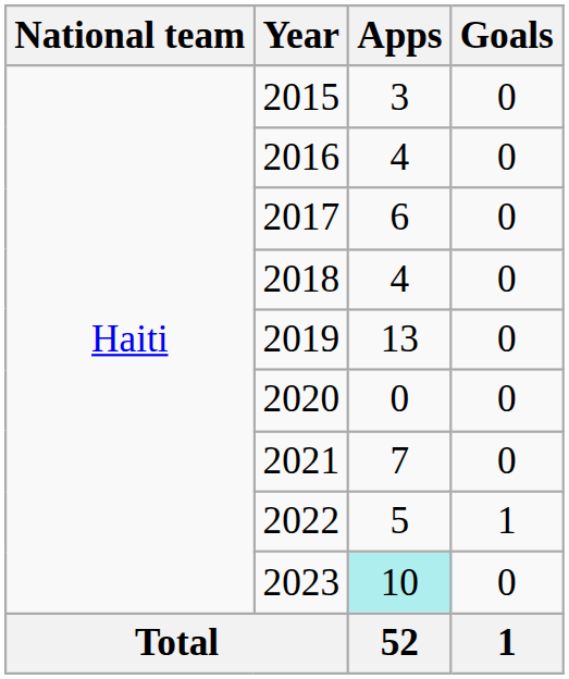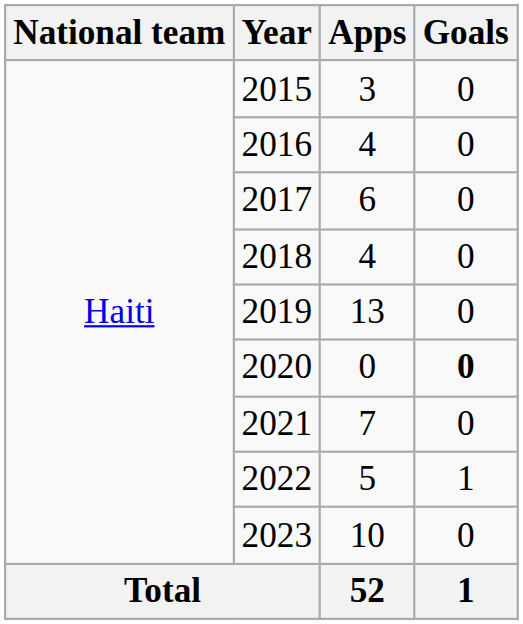 <table class="wikitable" style="text-align:center">
 <tr>
 <th>National team</th>
 <th>Year</th>
 <th>Apps</th>
 <th>Goals</th>
 </tr>
 <tr>
 <td rowspan="9"><a href='#'>Haiti</a></td>
 <td>2015</td>
 <td>3</td>
 <td>0</td>
 </tr>
 <tr>
 <td>2016</td>
 <td>4</td>
 <td>0</td>
 </tr>
 <tr>
 <td>2017</td>
 <td>6</td>
 <td>0</td>
 </tr>
 <tr>
 <td>2018</td>
 <td>4</td>
 <td>0</td>
 </tr>
 <tr>
 <td>2019</td>
 <td>13</td>
 <td>0</td>
 </tr>
 <tr>
 <td>2020</td>
 <td>0</td>
-<td>0</td>
+<td><strong>0</strong></td>
 </tr>
 <tr>
 <td>2021</td>
 <td>7</td>
 <td>0</td>
 </tr>
 <tr>
 <td>2022</td>
 <td>5</td>
 <td>1</td>
 </tr>
 <tr>
 <td>2023</td>
-<td style="background: paleturquoise;">10</td>
+<td>10</td>
 <td>0</td>
 </tr>
 <tr>
 <th colspan="2">Total</th>
 <th>52</th>
 <th>1</th>
 </tr>
 </table>
